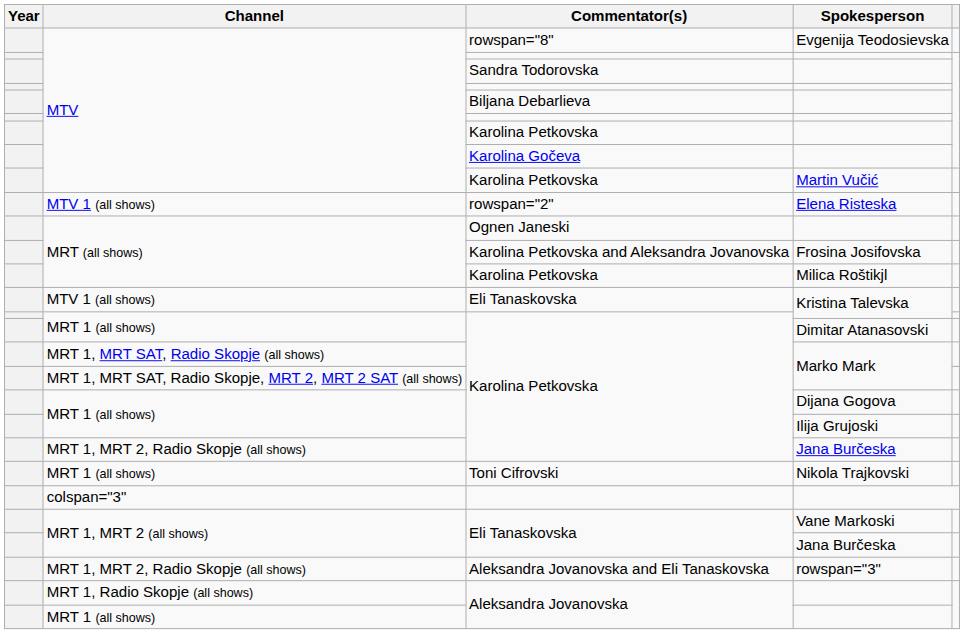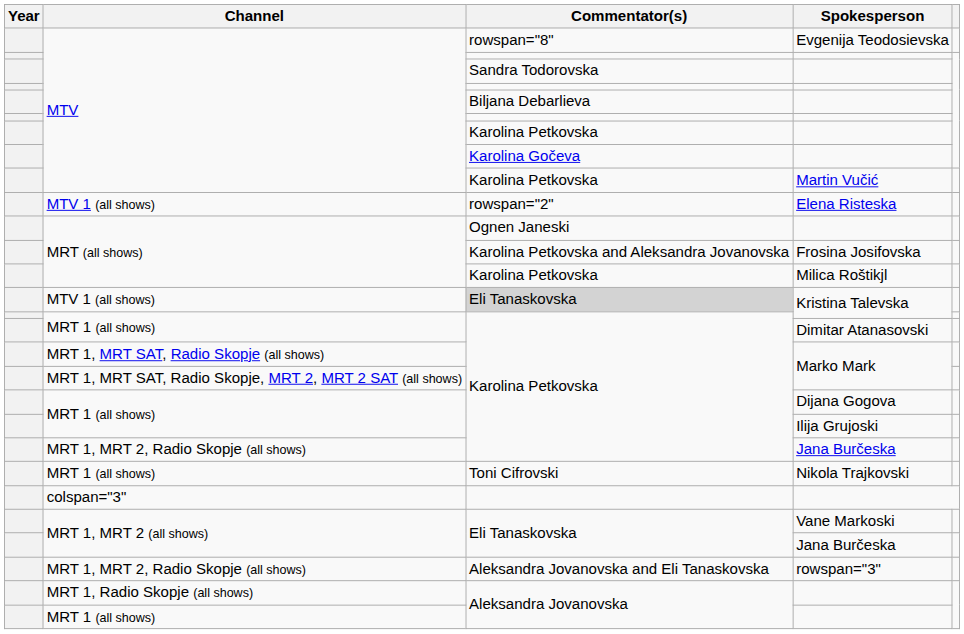 <table class="wikitable sortable plainrowheaders">
 <tr>
 <th>Year</th>
 <th>Channel</th>
 <th>Commentator(s)</th>
 <th>Spokesperson</th>
 <th class="unsortable"></th>
 </tr>
 <tr>
 <th scope="row"></th>
 <td rowspan="9"><a href='#'>MTV</a></td>
 <td>rowspan="8" </td>
 <td>Evgenija Teodosievska</td>
 <td></td>
 </tr>
 <tr>
 <th scope="row"></th>
 <td></td>
 <td></td>
 </tr>
 <tr>
 <th scope="row"></th>
 <td>Sandra Todorovska</td>
 <td></td>
 </tr>
 <tr>
 <th scope="row"></th>
 <td></td>
 <td></td>
 </tr>
 <tr>
 <th scope="row"></th>
 <td>Biljana Debarlieva</td>
 <td></td>
 </tr>
 <tr>
 <th scope="row"></th>
 <td></td>
 <td></td>
 </tr>
 <tr>
 <th scope="row"></th>
 <td>Karolina Petkovska</td>
 <td></td>
 </tr>
 <tr>
 <th scope="row"></th>
 <td><a href='#'>Karolina Gočeva</a></td>
 <td></td>
 </tr>
 <tr>
 <th scope="row"></th>
 <td>Karolina Petkovska</td>
 <td><a href='#'>Martin Vučić</a></td>
 <td></td>
 </tr>
 <tr>
 <th scope="row"></th>
 <td><a href='#'>MTV 1</a> <small>(all shows)</small></td>
 <td>rowspan="2" </td>
 <td><a href='#'>Elena Risteska</a></td>
 <td></td>
 </tr>
 <tr>
 <th scope="row"></th>
 <td rowspan="3">MRT <small>(all shows)</small></td>
 <td>Ognen Janeski</td>
 <td></td>
 </tr>
 <tr>
 <th scope="row"></th>
 <td>Karolina Petkovska and Aleksandra Jovanovska</td>
 <td>Frosina Josifovska</td>
 <td></td>
 </tr>
 <tr>
 <th scope="row"></th>
 <td>Karolina Petkovska</td>
 <td>Milica Roštikjl</td>
 <td></td>
 </tr>
 <tr>
 <th scope="row"></th>
 <td>MTV 1 <small>(all shows)</small></td>
-<td>Eli Tanaskovska</td>
+<td style="background: lightgrey;">Eli Tanaskovska</td>
 <td rowspan="2">Kristina Talevska</td>
 <td></td>
 </tr>
 <tr>
 <th scope="row"></th>
 <td rowspan="2">MRT 1 <small>(all shows)</small></td>
 <td rowspan="7">Karolina Petkovska</td>
 <td></td>
 </tr>
 <tr>
 <th scope="row"></th>
 <td>Dimitar Atanasovski</td>
 <td></td>
 </tr>
 <tr>
 <th scope="row"></th>
 <td>MRT 1, <a href='#'>MRT SAT</a>, <a href='#'>Radio Skopje</a> <small>(all shows)</small></td>
 <td rowspan="2">Marko Mark</td>
 <td></td>
 </tr>
 <tr>
 <th scope="row"></th>
 <td>MRT 1, MRT SAT, Radio Skopje, <a href='#'>MRT 2</a>, <a href='#'>MRT 2 SAT</a> <small>(all shows)</small></td>
 <td></td>
 </tr>
 <tr>
 <th scope="row"></th>
 <td rowspan="2">MRT 1 <small>(all shows)</small></td>
 <td>Dijana Gogova</td>
 <td></td>
 </tr>
 <tr>
 <th scope="row"></th>
 <td>Ilija Grujoski</td>
 <td></td>
 </tr>
 <tr>
 <th scope="row"></th>
 <td>MRT 1, MRT 2, Radio Skopje <small>(all shows)</small></td>
 <td><a href='#'>Jana Burčeska</a></td>
 <td></td>
 </tr>
 <tr>
 <th scope="row"></th>
 <td>MRT 1 <small>(all shows)</small></td>
 <td>Toni Cifrovski</td>
 <td>Nikola Trajkovski</td>
 <td></td>
 </tr>
 <tr>
 <th scope="row"></th>
 <td>colspan="3" </td>
 <td></td>
 </tr>
 <tr>
 <th scope="row"></th>
 <td rowspan="2">MRT 1, MRT 2 <small>(all shows)</small></td>
 <td rowspan="2">Eli Tanaskovska</td>
 <td>Vane Markoski</td>
 <td></td>
 </tr>
 <tr>
 <th scope="row"></th>
 <td>Jana Burčeska</td>
 <td></td>
 </tr>
 <tr>
 <th scope="row"></th>
 <td>MRT 1, MRT 2, Radio Skopje <small>(all shows)</small></td>
 <td>Aleksandra Jovanovska and Eli Tanaskovska</td>
 <td>rowspan="3" </td>
 <td></td>
 </tr>
 <tr>
 <th scope="row"></th>
 <td>MRT 1, Radio Skopje <small>(all shows)</small></td>
 <td rowspan="2">Aleksandra Jovanovska</td>
 <td></td>
 </tr>
 <tr>
 <th scope="row"></th>
 <td>MRT 1 <small>(all shows)</small></td>
 <td></td>
 </tr>
 </table>
